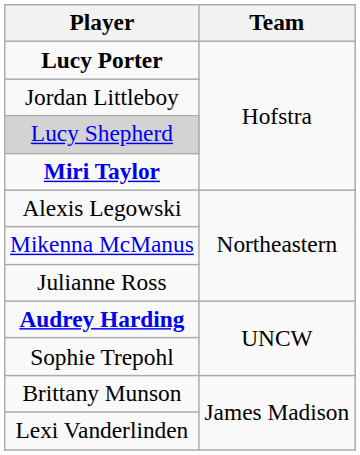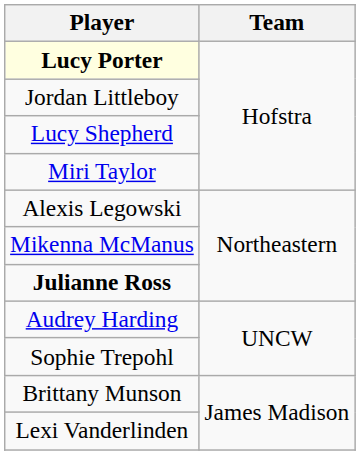 <table class="wikitable" style="text-align: center;">
 <tr>
 <th>Player</th>
 <th>Team</th>
 </tr>
 <tr>
-<td><strong>Lucy Porter</strong></td>
+<td style="background: lightyellow;"><strong>Lucy Porter</strong></td>
 <td rowspan=4>Hofstra</td>
 </tr>
 <tr>
 <td>Jordan Littleboy</td>
 </tr>
 <tr>
-<td style="background: lightgrey;"><a href='#'>Lucy Shepherd</a></td>
+<td><a href='#'>Lucy Shepherd</a></td>
 </tr>
 <tr>
-<td><strong><a href='#'>Miri Taylor</a></strong></td>
+<td><a href='#'>Miri Taylor</a></td>
 </tr>
 <tr>
 <td>Alexis Legowski</td>
 <td rowspan=3>Northeastern</td>
 </tr>
 <tr>
 <td><a href='#'>Mikenna McManus</a></td>
 </tr>
 <tr>
-<td>Julianne Ross</td>
+<td><strong>Julianne Ross</strong></td>
 </tr>
 <tr>
-<td><strong><a href='#'>Audrey Harding</a></strong></td>
+<td><a href='#'>Audrey Harding</a></td>
 <td rowspan=2>UNCW</td>
 </tr>
 <tr>
 <td>Sophie Trepohl</td>
 </tr>
 <tr>
 <td>Brittany Munson</td>
 <td rowspan=2>James Madison</td>
 </tr>
 <tr>
 <td>Lexi Vanderlinden</td>
 </tr>
 </table>
